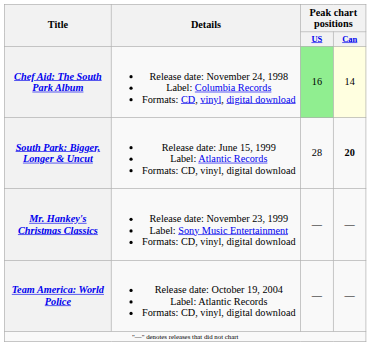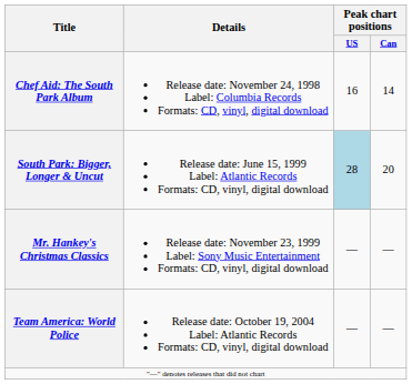 <table class="wikitable plainrowheaders" style="text-align:center;">
 <tr>
 <th rowspan="2" style="width:10em;">Title</th>
 <th rowspan="2" style="width:18em;">Details</th>
 <th colspan="4">Peak chart positions</th>
 </tr>
 <tr style="font-size:smaller;">
 <th style="width:45px;"><a href='#'>US</a><br></th>
 <th style="width:45px;"><a href='#'>Can</a><br></th>
 </tr>
 <tr>
 <th scope="row"><em><a href='#'>Chef Aid: The South Park Album</a></em></th>
 <td><br><ul><li>Release date: November 24, 1998</li><li>Label: <a href='#'>Columbia Records</a></li><li>Formats: <a href='#'>CD</a>, <a href='#'>vinyl</a>, <a href='#'>digital download</a></li></ul></td>
-<td style="background: lightgreen;">16</td>
-<td style="background: lightyellow;">14</td>
+<td>16</td>
+<td>14</td>
 </tr>
 <tr>
 <th scope="row"><em><a href='#'>South Park: Bigger, Longer & Uncut</a></em></th>
 <td><br><ul><li>Release date: June 15, 1999</li><li>Label: <a href='#'>Atlantic Records</a></li><li>Formats: CD, vinyl, digital download</li></ul></td>
-<td>28</td>
-<td><strong>20</strong></td>
+<td style="background: lightblue;">28</td>
+<td>20</td>
 </tr>
 <tr>
 <th scope="row"><em><a href='#'>Mr. Hankey's Christmas Classics</a></em></th>
 <td><br><ul><li>Release date: November 23, 1999</li><li>Label: <a href='#'>Sony Music Entertainment</a></li><li>Formats: CD, vinyl, digital download</li></ul></td>
 <td>—</td>
 <td>—</td>
 </tr>
 <tr>
 <th scope="row"><em><a href='#'>Team America: World Police</a></em></th>
 <td><br><ul><li>Release date: October 19, 2004</li><li>Label: Atlantic Records</li><li>Formats: CD, vinyl, digital download</li></ul></td>
 <td>—</td>
 <td>—</td>
 </tr>
 <tr>
 <td colspan="10" style="font-size:8pt">"—" denotes releases that did not chart</td>
 </tr>
 </table>
